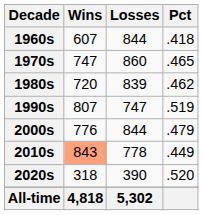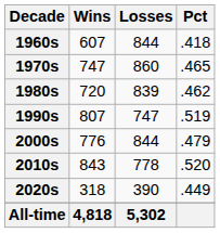 <table class="wikitable" style="text-align:center">
 <tr>
 <th style="text-align:center; ">Decade</th>
 <th style="text-align:center; ">Wins</th>
 <th style="text-align:center; ">Losses</th>
 <th style="text-align:center; ">Pct</th>
 </tr>
 <tr>
 <th scope="row" style="text-align:center;">1960s</th>
 <td>607</td>
 <td>844</td>
 <td>.418</td>
 </tr>
 <tr>
 <th scope="row" style="text-align:center;">1970s</th>
 <td>747</td>
 <td>860</td>
 <td>.465</td>
 </tr>
 <tr>
 <th scope="row" style="text-align:center;">1980s</th>
 <td>720</td>
 <td>839</td>
 <td>.462</td>
 </tr>
 <tr>
 <th scope="row" style="text-align:center;">1990s</th>
 <td>807</td>
 <td>747</td>
 <td>.519</td>
 </tr>
 <tr>
 <th scope="row" style="text-align:center;">2000s</th>
 <td>776</td>
 <td>844</td>
 <td>.479</td>
 </tr>
 <tr>
 <th scope="row" style="text-align:center;">2010s</th>
-<td style="background: lightsalmon;">843</td>
+<td>843</td>
 <td>778</td>
-<td>.449</td>
+<td>.520</td>
 </tr>
 <tr>
 <th scope="row" style="text-align:center;">2020s</th>
 <td>318</td>
 <td>390</td>
-<td>.520</td>
+<td>.449</td>
 </tr>
 <tr>
 </tr>
 <tr style="background:#f0f0f0; font-weight:bold">
 <th style="text-align:center; ">All-time</th>
 <th style="text-align:center; ">4,818</th>
 <th style="text-align:center; ">5,302</th>
 <th style="text-align:center; "></th>
 </tr>
 </table>
